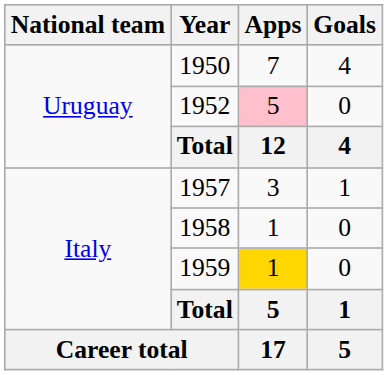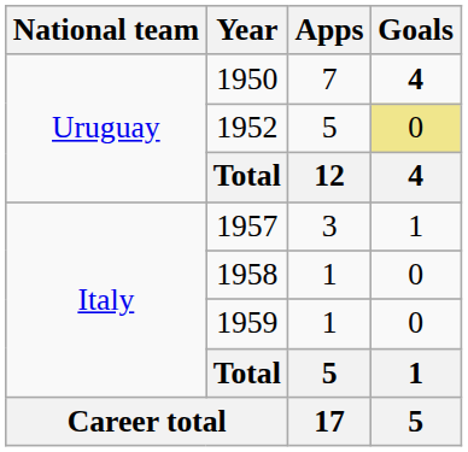 <table class="wikitable" style="text-align:center">
 <tr>
 <th>National team</th>
 <th>Year</th>
 <th>Apps</th>
 <th>Goals</th>
 </tr>
 <tr>
 <td rowspan="3"><a href='#'>Uruguay</a></td>
 <td>1950</td>
 <td>7</td>
-<td>4</td>
+<td><strong>4</strong></td>
 </tr>
 <tr>
 <td>1952</td>
-<td style="background: pink;">5</td>
-<td>0</td>
+<td>5</td>
+<td style="background: khaki;">0</td>
 </tr>
 <tr>
 <th>Total</th>
 <th>12</th>
 <th>4</th>
 </tr>
 <tr>
 <td rowspan="4"><a href='#'>Italy</a></td>
 <td>1957</td>
 <td>3</td>
 <td>1</td>
 </tr>
 <tr>
 <td>1958</td>
 <td>1</td>
 <td>0</td>
 </tr>
 <tr>
 <td>1959</td>
-<td style="background: gold;">1</td>
+<td>1</td>
 <td>0</td>
 </tr>
 <tr>
 <th>Total</th>
 <th>5</th>
 <th>1</th>
 </tr>
 <tr>
 <th colspan="2">Career total</th>
 <th>17</th>
 <th>5</th>
 </tr>
 </table>
